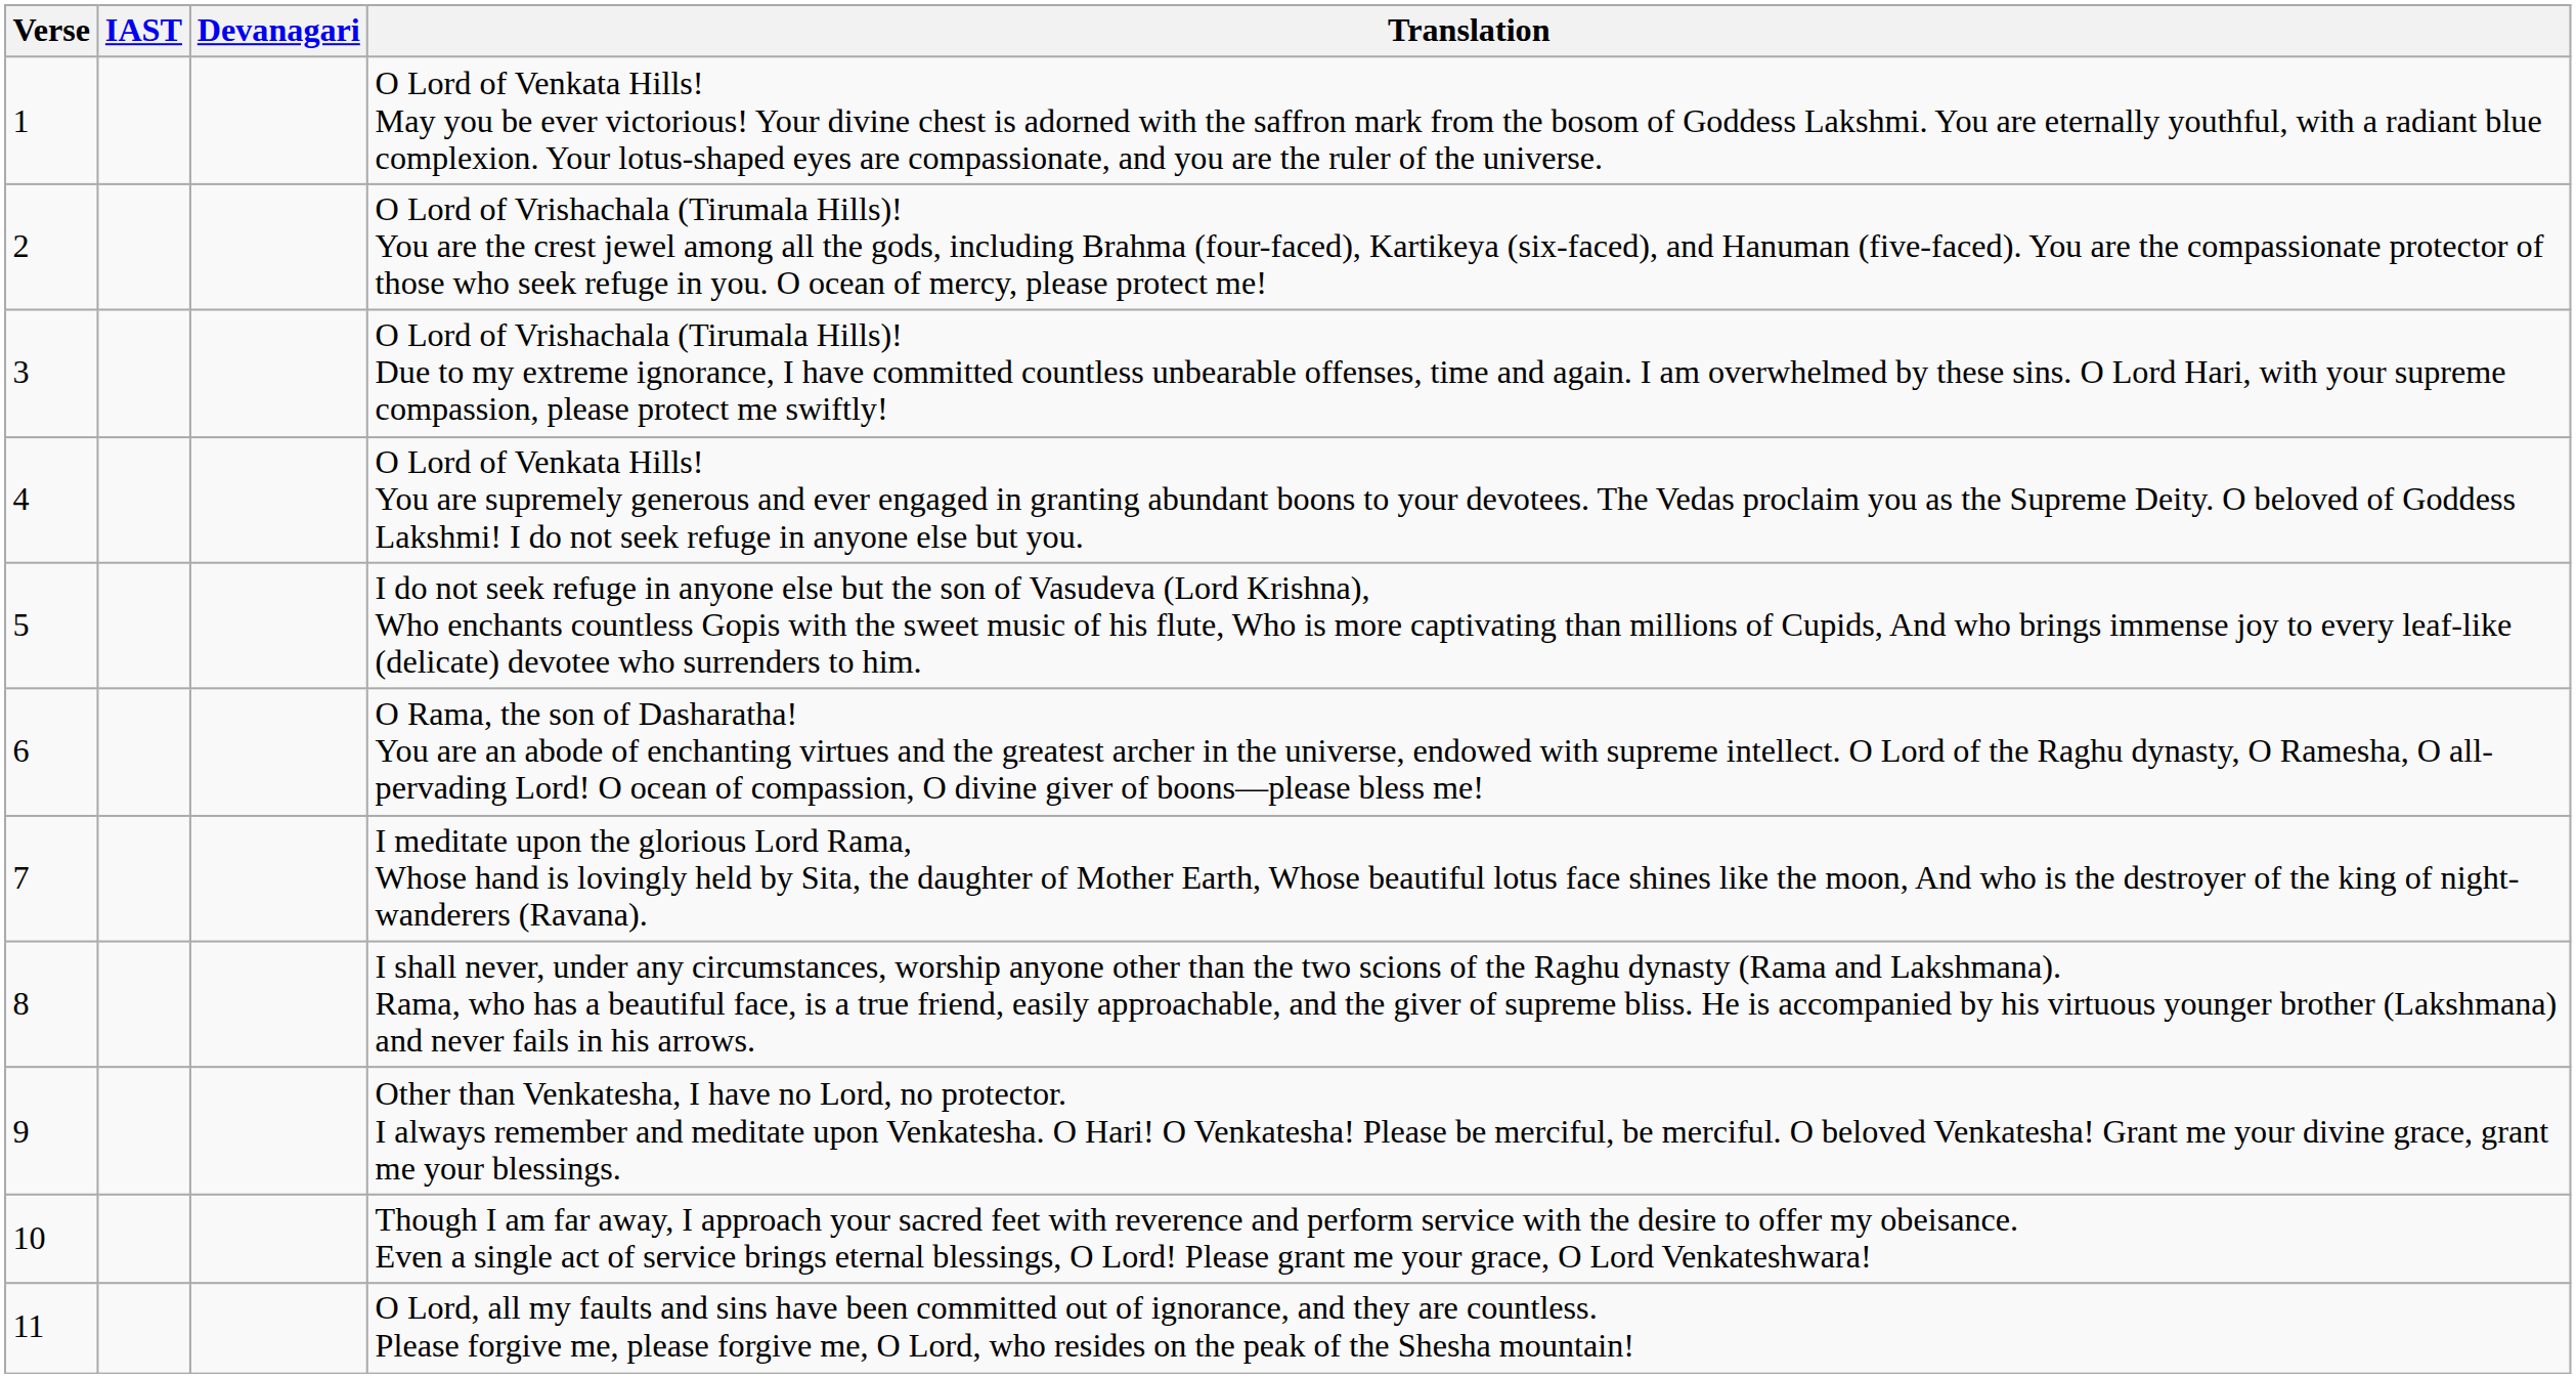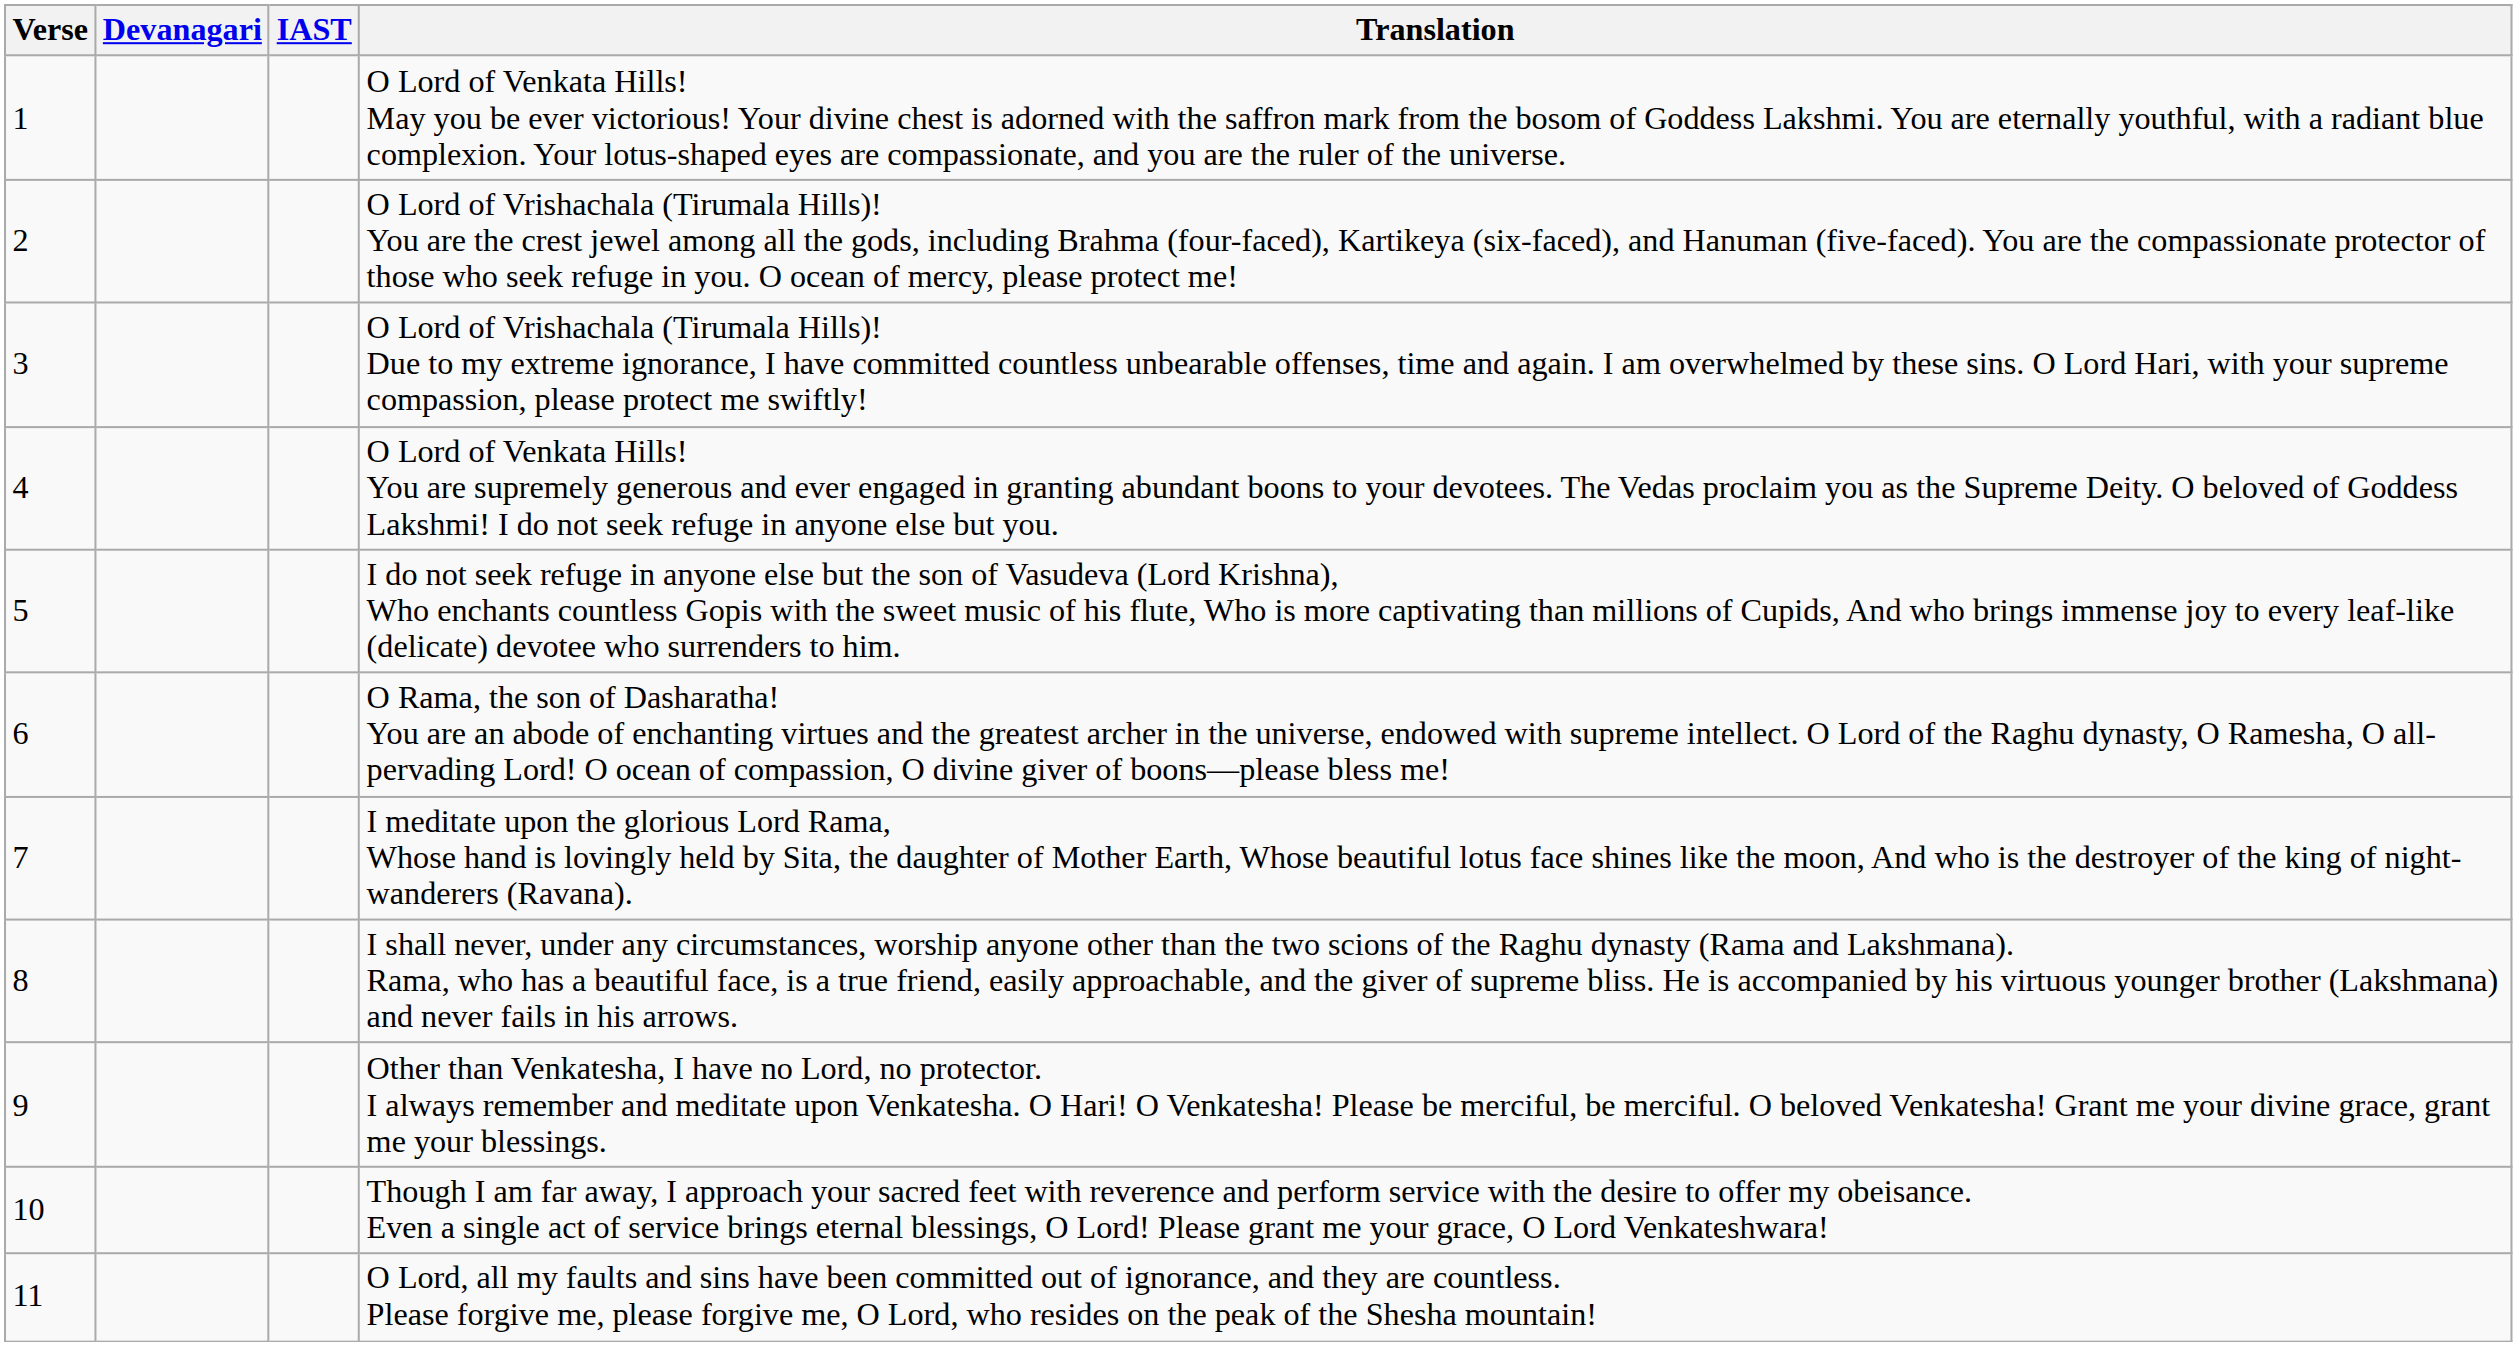 <table class="wikitable">
 <tr>
 <th scope="col">Verse</th>
+<th scope="col"><a href='#'>Devanagari</a></th>
 <th scope="col"><a href='#'>IAST</a></th>
-<th scope="col"><a href='#'>Devanagari</a></th>
 <th scope="col">Translation</th>
 </tr>
 <tr>
 <td>1</td>
 <td></td>
 <td></td>
 <td>O Lord of Venkata Hills!<br>May you be ever victorious! Your divine chest is adorned with the saffron mark from the bosom of Goddess Lakshmi. You are eternally youthful, with a radiant blue complexion. Your lotus-shaped eyes are compassionate, and you are the ruler of the universe.</td>
 </tr>
 <tr>
 <td>2</td>
 <td></td>
 <td></td>
 <td>O Lord of Vrishachala (Tirumala Hills)!<br>You are the crest jewel among all the gods, including Brahma (four-faced),  Kartikeya (six-faced), and Hanuman (five-faced). You are the compassionate protector of those who seek refuge in you. O ocean of mercy, please protect me!</td>
 </tr>
 <tr>
 <td>3</td>
 <td></td>
 <td></td>
 <td>O Lord of Vrishachala (Tirumala Hills)!<br>Due to my extreme ignorance, I have committed countless unbearable offenses, time and again. I am overwhelmed by these sins. O Lord Hari, with your supreme compassion, please protect me swiftly!</td>
 </tr>
 <tr>
 <td>4</td>
 <td></td>
 <td></td>
 <td>O Lord of Venkata Hills!<br>You are supremely generous and ever engaged in granting abundant boons to your devotees. The Vedas proclaim you as the Supreme Deity. O beloved of Goddess Lakshmi! I do not seek refuge in anyone else but you.</td>
 </tr>
 <tr>
 <td>5</td>
 <td></td>
 <td></td>
 <td>I do not seek refuge in anyone else but the son of Vasudeva (Lord Krishna),<br>Who enchants countless Gopis with the sweet music of his flute, Who is more captivating than millions of Cupids, And who brings immense joy to every leaf-like (delicate) devotee who surrenders to him.</td>
 </tr>
 <tr>
 <td>6</td>
 <td></td>
 <td></td>
 <td>O Rama, the son of Dasharatha!<br>You are an abode of enchanting virtues and the greatest archer in the universe, endowed with supreme intellect. O Lord of the Raghu dynasty, O Ramesha, O all-pervading Lord! O ocean of compassion, O divine giver of boons—please bless me!</td>
 </tr>
 <tr>
 <td>7</td>
 <td></td>
 <td></td>
 <td>I meditate upon the glorious Lord Rama,<br>Whose hand is lovingly held by Sita, the daughter of Mother Earth, Whose beautiful lotus face shines like the moon, And who is the destroyer of the king of night-wanderers (Ravana).</td>
 </tr>
 <tr>
 <td>8</td>
 <td></td>
 <td></td>
 <td>I shall never, under any circumstances, worship anyone other than the two scions of the Raghu dynasty (Rama and Lakshmana).<br>Rama, who has a beautiful face, is a true friend, easily approachable, and the giver of supreme bliss. He is accompanied by his virtuous younger brother (Lakshmana) and never fails in his arrows.</td>
 </tr>
 <tr>
 <td>9</td>
 <td></td>
 <td></td>
 <td>Other than Venkatesha, I have no Lord, no protector.<br>I always remember and meditate upon Venkatesha. O Hari! O Venkatesha! Please be merciful, be merciful. O beloved Venkatesha! Grant me your divine grace, grant me your blessings.</td>
 </tr>
 <tr>
 <td>10</td>
 <td></td>
 <td></td>
 <td>Though I am far away, I approach your sacred feet with reverence and perform service with the desire to offer my obeisance.<br>Even a single act of service brings eternal blessings, O Lord! Please grant me your grace, O Lord Venkateshwara!</td>
 </tr>
 <tr>
 <td>11</td>
 <td></td>
 <td></td>
 <td>O Lord, all my faults and sins have been committed out of ignorance, and they are countless.<br>Please forgive me, please forgive me, O Lord, who resides on the peak of the Shesha mountain!</td>
 </tr>
 </table>
